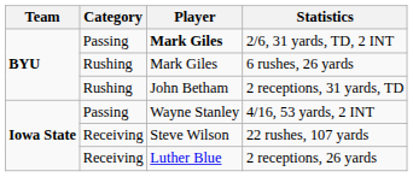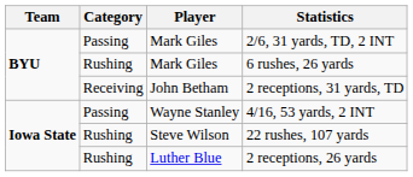 <table class="wikitable" style="float: left;">
 <tr>
 <th>Team</th>
 <th>Category</th>
 <th>Player</th>
 <th>Statistics</th>
 </tr>
 <tr>
 <td rowspan=3><strong>BYU</strong></td>
 <td>Passing</td>
-<td><strong>Mark Giles</strong></td>
+<td>Mark Giles</td>
 <td>2/6, 31 yards, TD, 2 INT</td>
 </tr>
 <tr>
 <td>Rushing</td>
 <td>Mark Giles</td>
 <td>6 rushes, 26 yards</td>
 </tr>
 <tr>
-<td>Rushing</td>
+<td>Receiving</td>
 <td>John Betham</td>
 <td>2 receptions, 31 yards, TD</td>
 </tr>
 <tr>
 <td rowspan=3><strong>Iowa State</strong></td>
 <td>Passing</td>
 <td>Wayne Stanley</td>
 <td>4/16, 53 yards, 2 INT</td>
 </tr>
 <tr>
-<td>Receiving</td>
+<td>Rushing</td>
 <td>Steve Wilson</td>
 <td>22 rushes, 107 yards</td>
 </tr>
 <tr>
-<td>Receiving</td>
+<td>Rushing</td>
 <td><a href='#'>Luther Blue</a></td>
 <td>2 receptions, 26 yards</td>
 </tr>
 </table>
